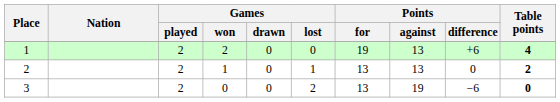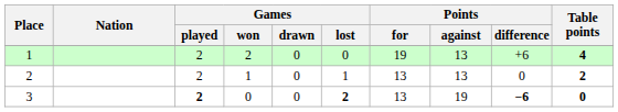 <table class="wikitable">
 <tr>
 <th rowspan=2 width="8%">Place</th>
 <th rowspan=2 width="20%">Nation</th>
 <th colspan=4 width="32%">Games</th>
 <th colspan=3 width="30%">Points</th>
 <th rowspan=2 width="10%">Table<br>points</th>
 </tr>
 <tr>
 <th width="8%">played</th>
 <th width="8%">won</th>
 <th width="8%">drawn</th>
 <th width="8%">lost</th>
 <th width="10%">for</th>
 <th width="10%">against</th>
 <th width="10%">difference</th>
 </tr>
 <tr>
 </tr>
 <tr bgcolor=#ccffcc align=center>
 <td>1</td>
 <td align=left></td>
 <td>2</td>
 <td>2</td>
 <td>0</td>
 <td>0</td>
 <td>19</td>
 <td>13</td>
 <td>+6</td>
 <td><strong>4</strong></td>
 </tr>
 <tr bgcolor=#ffffff align=center>
 <td>2</td>
 <td align=left></td>
 <td>2</td>
 <td>1</td>
 <td>0</td>
 <td>1</td>
 <td>13</td>
 <td>13</td>
 <td>0</td>
 <td><strong>2</strong></td>
 </tr>
 <tr bgcolor=#ffffff align=center>
 <td>3</td>
 <td align=left></td>
-<td>2</td>
+<td><strong>2</strong></td>
 <td>0</td>
 <td>0</td>
-<td>2</td>
+<td><strong>2</strong></td>
 <td>13</td>
 <td>19</td>
-<td>−6</td>
+<td><strong>−6</strong></td>
 <td><strong>0</strong></td>
 </tr>
 </table>
